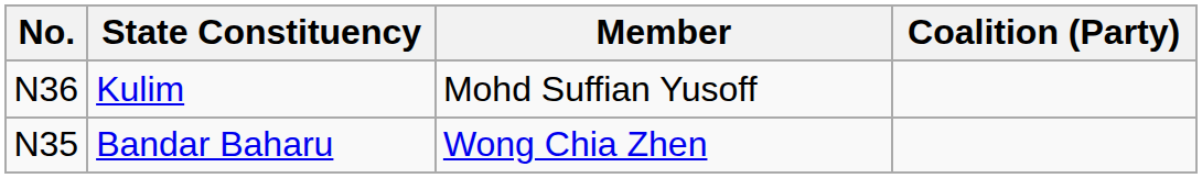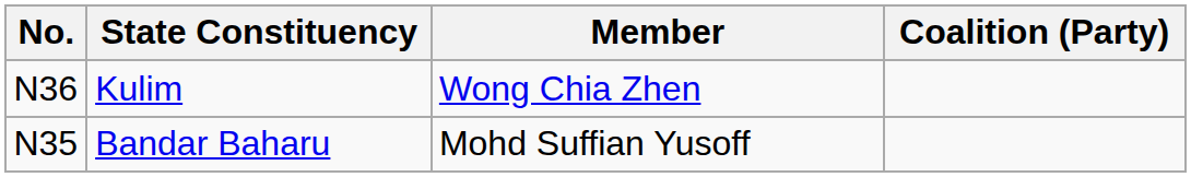 <table class="wikitable">
 <tr>
 <th width="30">No.</th>
 <th width="150">State Constituency</th>
 <th width="200">Member</th>
 <th width="130">Coalition (Party)</th>
 </tr>
 <tr>
 <td>N36</td>
 <td><a href='#'>Kulim</a></td>
-<td>Mohd Suffian Yusoff</td>
+<td><a href='#'>Wong Chia Zhen</a></td>
 <td></td>
 </tr>
 <tr>
 <td>N35</td>
 <td><a href='#'>Bandar Baharu</a></td>
-<td><a href='#'>Wong Chia Zhen</a></td>
+<td>Mohd Suffian Yusoff</td>
 <td></td>
 </tr>
 </table>
